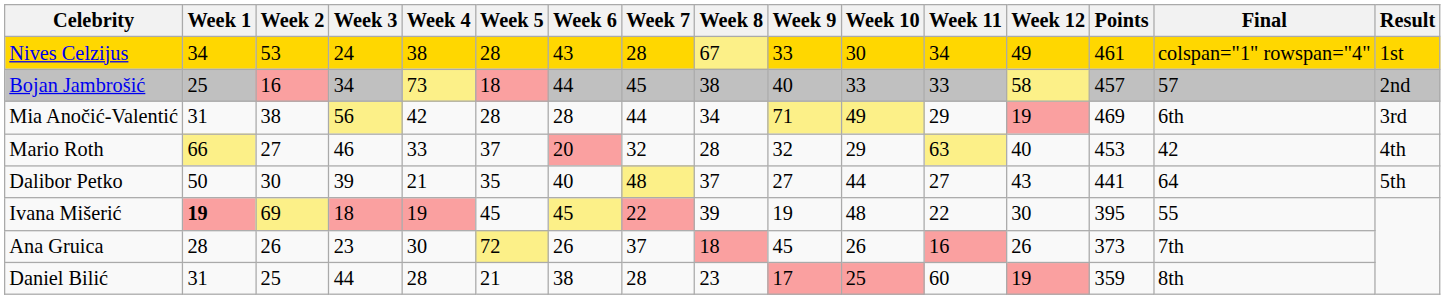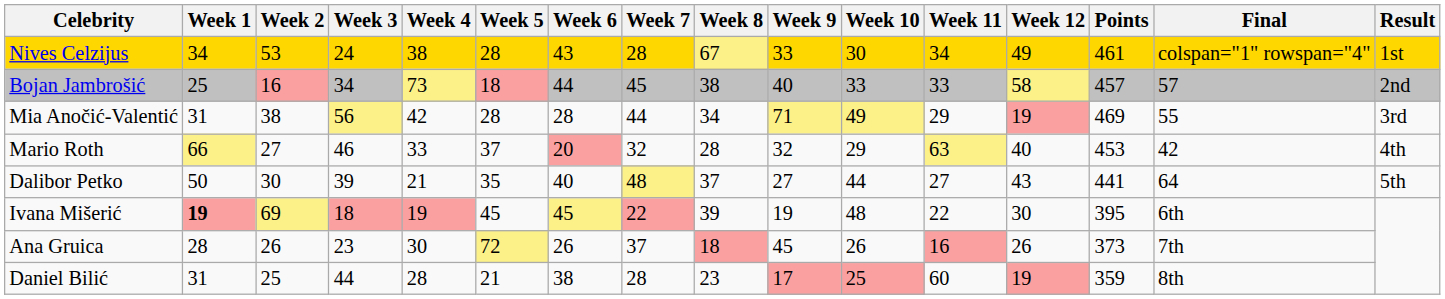 <table class=wikitable>
 <tr>
 <th>Celebrity</th>
 <th>Week 1</th>
 <th>Week 2</th>
 <th>Week 3</th>
 <th>Week 4</th>
 <th>Week 5</th>
 <th>Week 6</th>
 <th>Week 7</th>
 <th>Week 8</th>
 <th>Week 9</th>
 <th>Week 10</th>
 <th>Week 11</th>
 <th>Week 12</th>
 <th>Points</th>
 <th>Final</th>
 <th>Result</th>
 </tr>
 <tr bgcolor="gold">
 <td><a href='#'>Nives Celzijus</a></td>
 <td>34</td>
 <td>53</td>
 <td>24</td>
 <td>38</td>
 <td>28</td>
 <td>43</td>
 <td>28</td>
 <td bgcolor="fcf088">67</td>
 <td>33</td>
 <td>30</td>
 <td>34</td>
 <td>49</td>
 <td>461</td>
 <td>colspan="1" rowspan="4" </td>
 <td>1st</td>
 </tr>
 <tr bgcolor="silver">
 <td><a href='#'>Bojan Jambrošić</a></td>
 <td>25</td>
 <td bgcolor="faa0a0">16</td>
 <td>34</td>
 <td bgcolor="fcf088">73</td>
 <td bgcolor="faa0a0">18</td>
 <td>44</td>
 <td>45</td>
 <td>38</td>
 <td>40</td>
 <td>33</td>
 <td>33</td>
 <td bgcolor="fcf088">58</td>
 <td>457</td>
 <td>57</td>
 <td>2nd</td>
 </tr>
 <tr>
 <td>Mia Anočić-Valentić</td>
 <td>31</td>
 <td>38</td>
 <td bgcolor="fcf088">56</td>
 <td>42</td>
 <td>28</td>
 <td>28</td>
 <td>44</td>
 <td>34</td>
 <td bgcolor="fcf088">71</td>
 <td bgcolor="fcf088">49</td>
 <td>29</td>
 <td bgcolor="faa0a0">19</td>
 <td>469</td>
-<td>6th</td>
+<td>55</td>
 <td>3rd</td>
 </tr>
 <tr>
 <td>Mario Roth</td>
 <td bgcolor="fcf088">66</td>
 <td>27</td>
 <td>46</td>
 <td>33</td>
 <td>37</td>
 <td bgcolor="faa0a0">20</td>
 <td>32</td>
 <td>28</td>
 <td>32</td>
 <td>29</td>
 <td bgcolor="fcf088">63</td>
 <td>40</td>
 <td>453</td>
 <td>42</td>
 <td>4th</td>
 </tr>
 <tr>
 <td>Dalibor Petko</td>
 <td>50</td>
 <td>30</td>
 <td>39</td>
 <td>21</td>
 <td>35</td>
 <td>40</td>
 <td bgcolor="fcf088">48</td>
 <td>37</td>
 <td>27</td>
 <td>44</td>
 <td>27</td>
 <td>43</td>
 <td>441</td>
 <td>64</td>
 <td>5th</td>
 </tr>
 <tr>
 <td>Ivana Mišerić</td>
 <td bgcolor="faa0a0"><strong>19</strong></td>
 <td bgcolor="fcf088">69</td>
 <td bgcolor="faa0a0">18</td>
 <td bgcolor="faa0a0">19</td>
 <td>45</td>
 <td bgcolor="fcf088">45</td>
 <td bgcolor="faa0a0">22</td>
 <td>39</td>
 <td>19</td>
 <td>48</td>
 <td>22</td>
 <td>30</td>
 <td>395</td>
-<td>55</td>
+<td>6th</td>
 </tr>
 <tr>
 <td>Ana Gruica</td>
 <td>28</td>
 <td>26</td>
 <td>23</td>
 <td>30</td>
 <td bgcolor="fcf088">72</td>
 <td>26</td>
 <td>37</td>
 <td bgcolor="faa0a0">18</td>
 <td>45</td>
 <td>26</td>
 <td bgcolor="faa0a0">16</td>
 <td>26</td>
 <td>373</td>
 <td>7th</td>
 </tr>
 <tr>
 <td>Daniel Bilić</td>
 <td>31</td>
 <td>25</td>
 <td>44</td>
 <td>28</td>
 <td>21</td>
 <td>38</td>
 <td>28</td>
 <td>23</td>
 <td bgcolor="faa0a0">17</td>
 <td bgcolor="faa0a0">25</td>
 <td>60</td>
 <td bgcolor="faa0a0">19</td>
 <td>359</td>
 <td>8th</td>
 </tr>
 </table>
